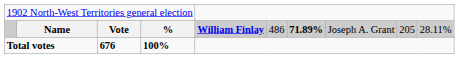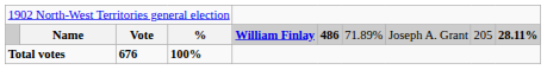 <table class="wikitable">
 <tr>
 <td colspan=4 align=center><a href='#'>1902 North-West Territories general election</a></td>
 </tr>
 <tr bgcolor="CCCCCC">
 <td></td>
 <th>Name</th>
 <th>Vote</th>
 <th>%<br></th>
 <td><strong><a href='#'>William Finlay</a></strong></td>
-<td>486</td>
-<td><strong>71.89%<br></strong></td>
+<td><strong>486</strong></td>
+<td>71.89%<br></td>
 <td>Joseph A. Grant</td>
 <td>205</td>
-<td>28.11%</td>
+<td><strong>28.11%</strong></td>
 </tr>
 <tr>
 <td colspan=2><strong>Total votes</strong></td>
 <td><strong>676</strong></td>
 <td alignment="left"><strong>100%</strong></td>
 </tr>
 </table>
